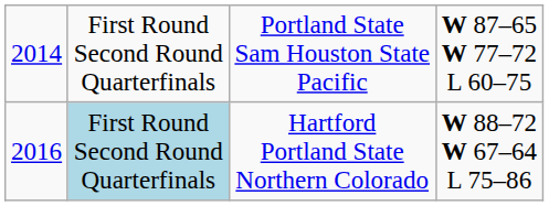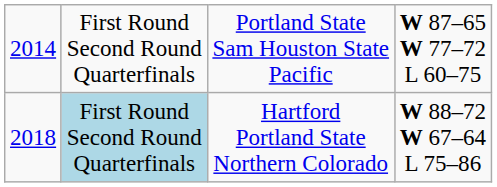 <table class="wikitable">
 <tr align="center">
 <td><a href='#'>2014</a></td>
 <td>First Round<br>Second Round<br>Quarterfinals</td>
 <td><a href='#'>Portland State</a><br><a href='#'>Sam Houston State</a><br><a href='#'>Pacific</a></td>
 <td><strong>W</strong> 87–65<br><strong>W</strong> 77–72<br>L 60–75</td>
 </tr>
 <tr align="center">
-<td><a href='#'>2016</a></td>
+<td><a href='#'>2018</a></td>
 <td style="background: lightblue;">First Round<br>Second Round<br>Quarterfinals</td>
 <td><a href='#'>Hartford</a><br><a href='#'>Portland State</a><br><a href='#'>Northern Colorado</a></td>
 <td><strong>W</strong> 88–72<br><strong>W</strong> 67–64<br>L 75–86</td>
 </tr>
 </table>
